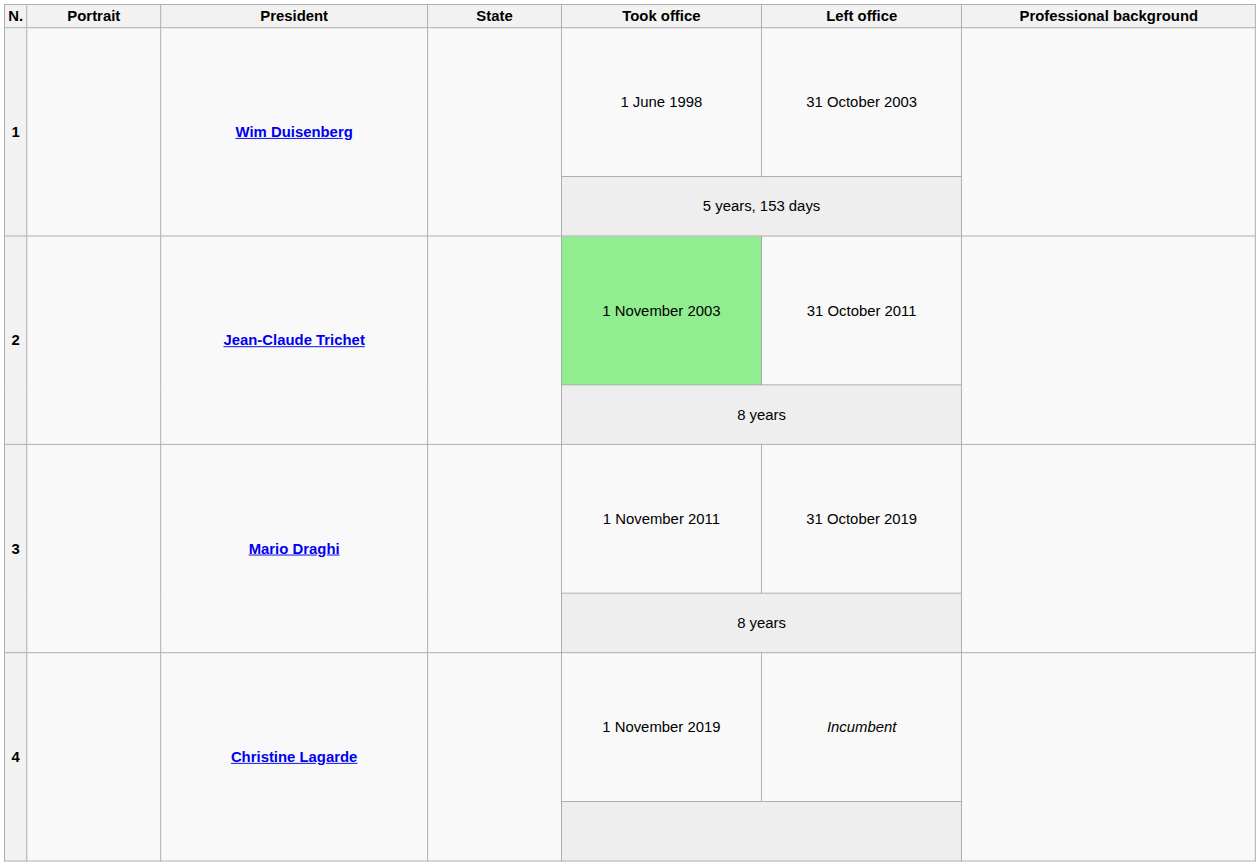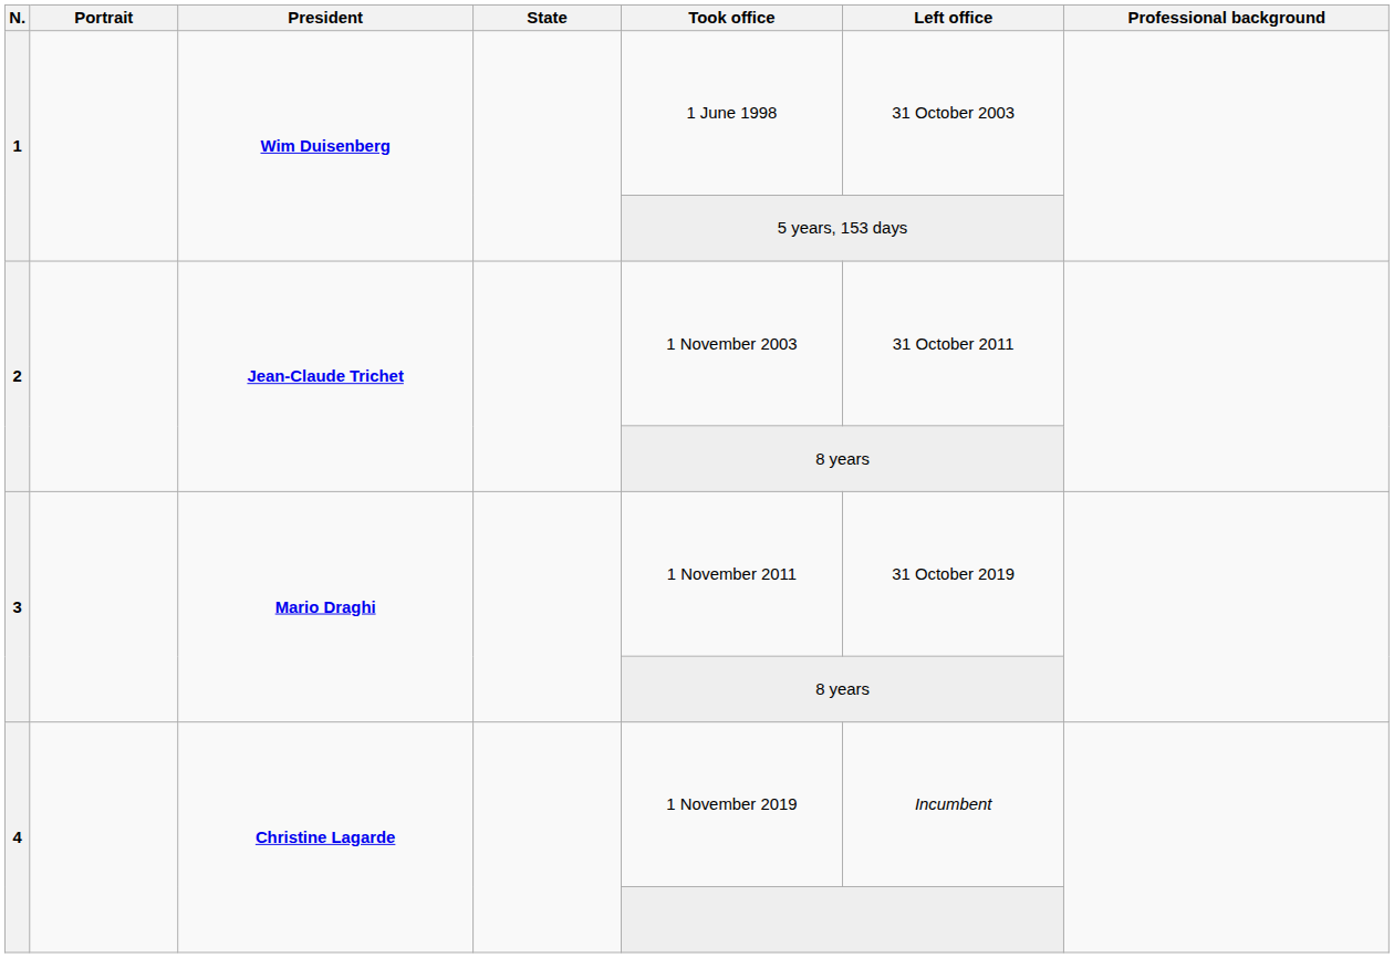 <table class="wikitable" style="text-align:center; style="width=85%">
 <tr>
 <th width=1%>N.</th>
 <th width=10%>Portrait</th>
 <th width=20%>President<br></th>
 <th width=10%>State</th>
 <th width=15%>Took office</th>
 <th width=15%>Left office</th>
 <th width=22%>Professional background</th>
 </tr>
 <tr style="height:10em;">
 <th rowspan=2>1</th>
 <td rowspan=2></td>
 <td rowspan=2><strong><a href='#'>Wim Duisenberg</a></strong><br></td>
 <td rowspan=2></td>
 <td>1 June 1998</td>
 <td>31 October 2003</td>
 <td rowspan=2></td>
 </tr>
 <tr style="height:4em;">
 <td colspan=2 bgcolor=#EEEEEE>5 years, 153 days</td>
 </tr>
 <tr style="height:10em;">
 <th rowspan=2>2</th>
 <td rowspan=2></td>
 <td rowspan=2><strong><a href='#'>Jean-Claude Trichet</a></strong><br></td>
 <td rowspan=2></td>
-<td style="background: lightgreen;">1 November 2003</td>
+<td>1 November 2003</td>
 <td>31 October 2011</td>
 <td rowspan=2></td>
 </tr>
 <tr style="height:4em;">
 <td colspan=2 bgcolor=#EEEEEE>8 years</td>
 </tr>
 <tr style="height:10em;">
 <th rowspan=2>3</th>
 <td rowspan=2></td>
 <td rowspan=2><strong><a href='#'>Mario Draghi</a></strong><br></td>
 <td rowspan=2></td>
 <td>1 November 2011</td>
 <td>31 October 2019</td>
 <td rowspan=2></td>
 </tr>
 <tr style="height:4em;">
 <td colspan=2 bgcolor=#EEEEEE>8 years</td>
 </tr>
 <tr style="height:10em;">
 <th rowspan=2>4</th>
 <td rowspan=2></td>
 <td rowspan=2><strong><a href='#'>Christine Lagarde</a></strong><br></td>
 <td rowspan=2></td>
 <td>1 November 2019</td>
 <td><em>Incumbent</em></td>
 <td rowspan=2></td>
 </tr>
 <tr style="height:4em;">
 <td colspan=2 bgcolor=#EEEEEE></td>
 </tr>
 </table>
